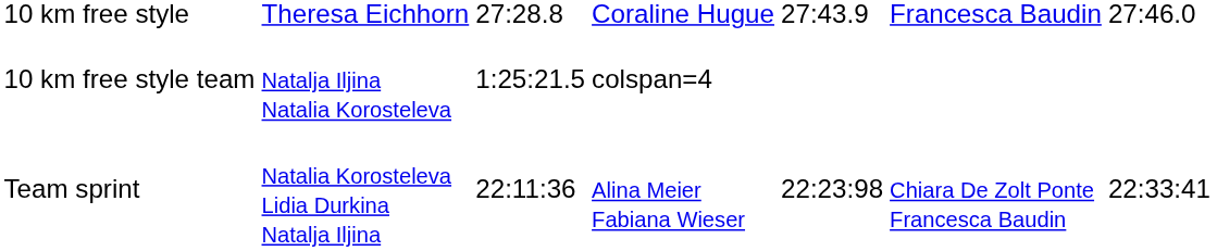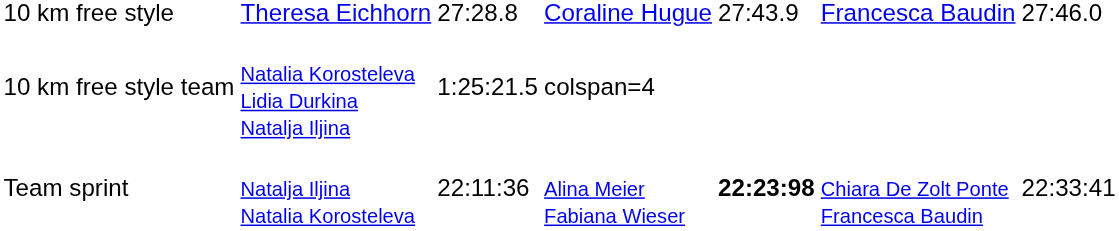 <table>
 <tr>
 <td>10 km free style</td>
 <td><a href='#'>Theresa Eichhorn</a><br></td>
 <td>27:28.8</td>
 <td><a href='#'>Coraline Hugue</a><br></td>
 <td>27:43.9</td>
 <td><a href='#'>Francesca Baudin</a><br></td>
 <td>27:46.0</td>
 </tr>
 <tr>
 <td>10 km free style team</td>
-<td><br><small><a href='#'>Natalja Iljina</a><br><a href='#'>Natalia Korosteleva</a></small></td>
+<td><br><small><a href='#'>Natalia Korosteleva</a><br><a href='#'>Lidia Durkina</a><br><a href='#'>Natalja Iljina</a></small></td>
 <td>1:25:21.5</td>
 <td>colspan=4 </td>
 </tr>
 <tr>
 <td>Team sprint</td>
-<td><br><small><a href='#'>Natalia Korosteleva</a><br><a href='#'>Lidia Durkina</a><br><a href='#'>Natalja Iljina</a></small></td>
+<td><br><small><a href='#'>Natalja Iljina</a><br><a href='#'>Natalia Korosteleva</a></small></td>
 <td>22:11:36</td>
 <td><br><small><a href='#'>Alina Meier</a><br><a href='#'>Fabiana Wieser</a></small></td>
-<td>22:23:98</td>
+<td><strong>22:23:98</strong></td>
 <td><br><small><a href='#'>Chiara De Zolt Ponte</a><br><a href='#'>Francesca Baudin</a></small></td>
 <td>22:33:41</td>
 </tr>
 </table>
